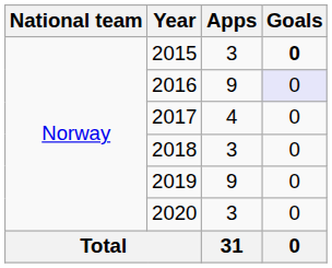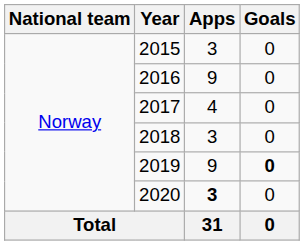 <table class="wikitable" style="text-align:center">
 <tr>
 <th>National team</th>
 <th>Year</th>
 <th>Apps</th>
 <th>Goals</th>
 </tr>
 <tr>
 <td rowspan="6"><a href='#'>Norway</a></td>
 <td>2015</td>
 <td>3</td>
-<td><strong>0</strong></td>
+<td>0</td>
 </tr>
 <tr>
 <td>2016</td>
 <td>9</td>
-<td style="background: lavender;">0</td>
+<td>0</td>
 </tr>
 <tr>
 <td>2017</td>
 <td>4</td>
 <td>0</td>
 </tr>
 <tr>
 <td>2018</td>
 <td>3</td>
 <td>0</td>
 </tr>
 <tr>
 <td>2019</td>
 <td>9</td>
-<td>0</td>
+<td><strong>0</strong></td>
 </tr>
 <tr>
 <td>2020</td>
-<td>3</td>
+<td><strong>3</strong></td>
 <td>0</td>
 </tr>
 <tr>
 <th colspan="2">Total</th>
 <th>31</th>
 <th>0</th>
 </tr>
 </table>
